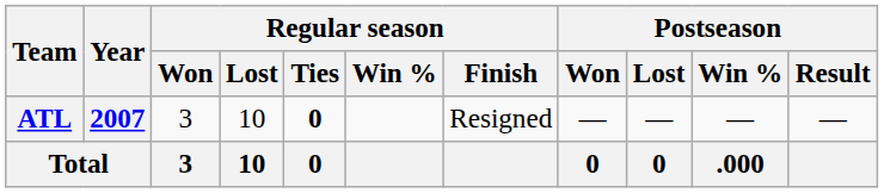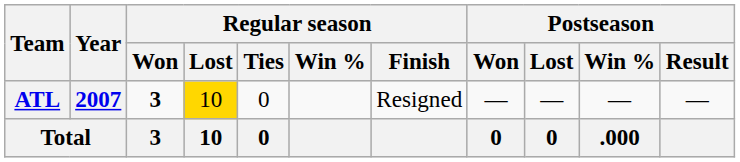 <table class="wikitable" style="font-size: 95%; text-align:center;">
 <tr>
 <th rowspan="2">Team</th>
 <th rowspan="2">Year</th>
 <th colspan="5">Regular season</th>
 <th colspan="4">Postseason</th>
 </tr>
 <tr>
 <th>Won</th>
 <th>Lost</th>
 <th>Ties</th>
 <th>Win %</th>
 <th>Finish</th>
 <th>Won</th>
 <th>Lost</th>
 <th>Win %</th>
 <th>Result</th>
 </tr>
 <tr>
 <th><a href='#'>ATL</a></th>
 <th><a href='#'>2007</a></th>
-<td>3</td>
-<td>10</td>
-<td><strong>0</strong></td>
+<td><strong>3</strong></td>
+<td style="background: gold;">10</td>
+<td>0</td>
 <td></td>
 <td>Resigned</td>
 <td>—</td>
 <td>—</td>
 <td>—</td>
 <td>—</td>
 </tr>
 <tr>
 <th colspan="2">Total</th>
 <th>3</th>
 <th>10</th>
 <th>0</th>
 <th></th>
 <th></th>
 <th>0</th>
 <th>0</th>
 <th>.000</th>
 <th></th>
 </tr>
 </table>
